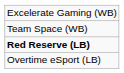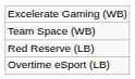 <table class="wikitable" style="display: inline-table; margin-left: 25px;">
 <tr>
 <td>Excelerate Gaming (WB)</td>
 </tr>
 <tr>
 <td>Team Space (WB)</td>
 </tr>
 <tr>
-<td><strong>Red Reserve (LB)</strong></td>
+<td>Red Reserve (LB)</td>
 </tr>
 <tr>
 <td>Overtime eSport (LB)</td>
 </tr>
 </table>
